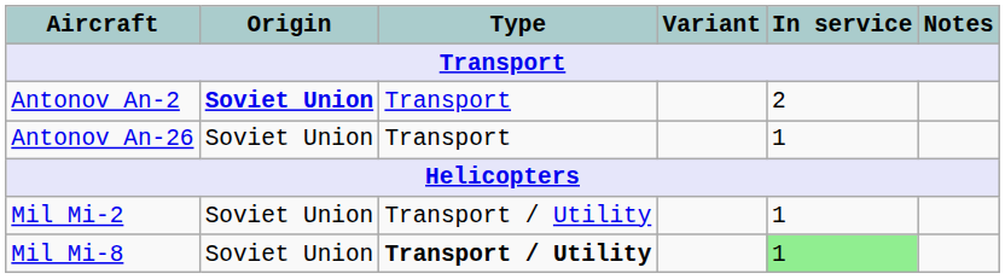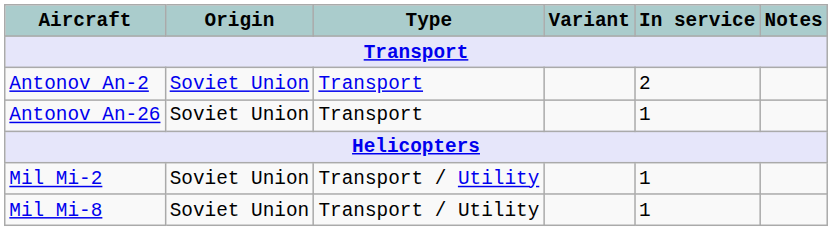 <table class="wikitable">
 <tr>
 <th style="text-align:center; background:#acc;">Aircraft</th>
 <th style="text-align: center; background:#acc;">Origin</th>
 <th style="text-align:l center; background:#acc;">Type</th>
 <th style="text-align:left; background:#acc;">Variant</th>
 <th style="text-align:center; background:#acc;">In service</th>
 <th style="text-align: center; background:#acc;">Notes</th>
 </tr>
 <tr>
 <th style="align: center; background: lavender;" colspan="7"><a href='#'>Transport</a></th>
 </tr>
 <tr>
 <td><a href='#'>Antonov An-2</a></td>
-<td><strong><a href='#'>Soviet Union</a></strong></td>
+<td><a href='#'>Soviet Union</a></td>
 <td><a href='#'>Transport</a></td>
 <td></td>
 <td>2</td>
 </tr>
 <tr>
 <td><a href='#'>Antonov An-26</a></td>
 <td>Soviet Union</td>
 <td>Transport</td>
 <td></td>
 <td>1</td>
 <td></td>
 </tr>
 <tr>
 <th style="align: center; background: lavender;" colspan="7"><a href='#'>Helicopters</a></th>
 </tr>
 <tr>
 <td><a href='#'>Mil Mi-2</a></td>
 <td>Soviet Union</td>
 <td>Transport / <a href='#'>Utility</a></td>
 <td></td>
 <td>1</td>
 <td></td>
 </tr>
 <tr>
 <td><a href='#'>Mil Mi-8</a></td>
 <td>Soviet Union</td>
-<td><strong>Transport / Utility</strong></td>
+<td>Transport / Utility</td>
 <td></td>
-<td style="background: lightgreen;">1</td>
+<td>1</td>
 <td></td>
 </tr>
 </table>
